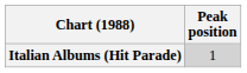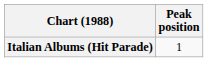 <table class="wikitable sortable plainrowheaders" style="text-align:center">
 <tr>
 <th scope="col">Chart (1988)</th>
 <th scope="col">Peak<br>position</th>
 </tr>
 <tr>
 <th scope="row">Italian Albums (Hit Parade)</th>
-<td style="background: lightgrey;">1</td>
+<td>1</td>
 </tr>
 </table>
